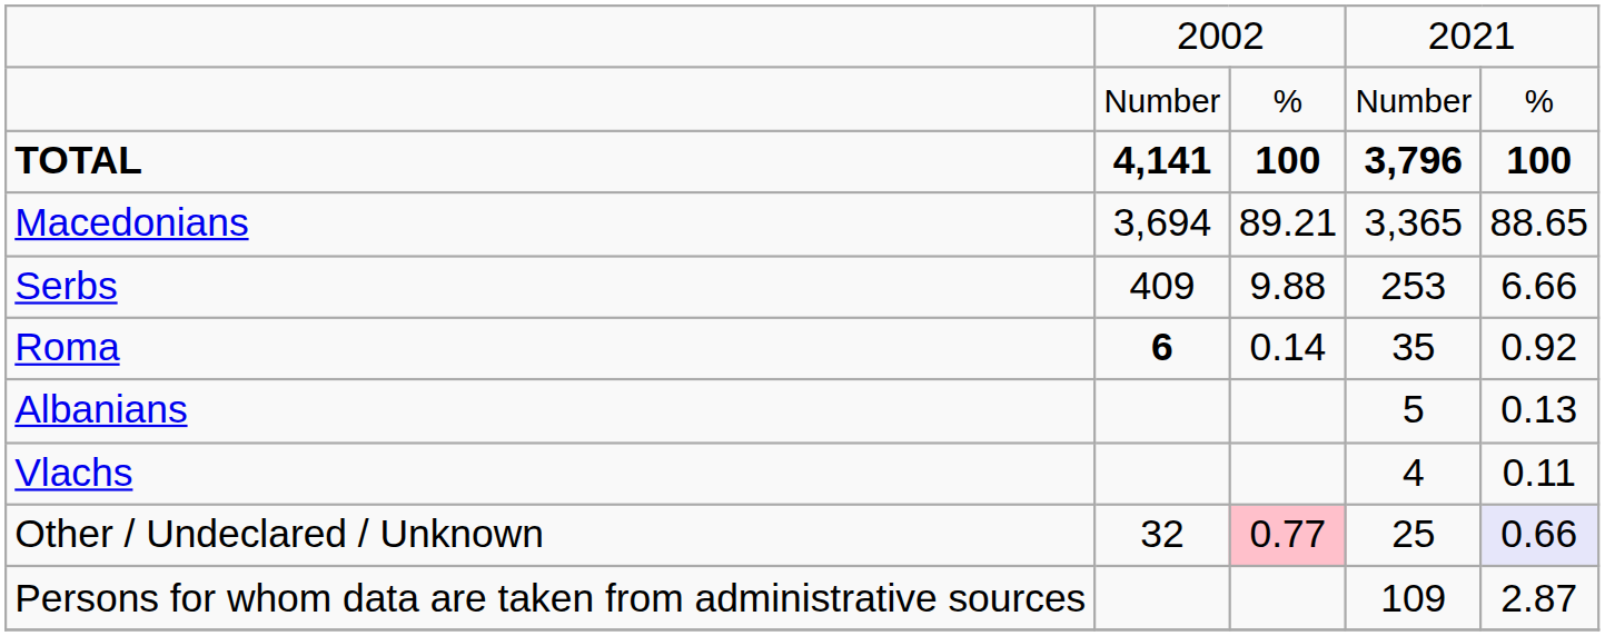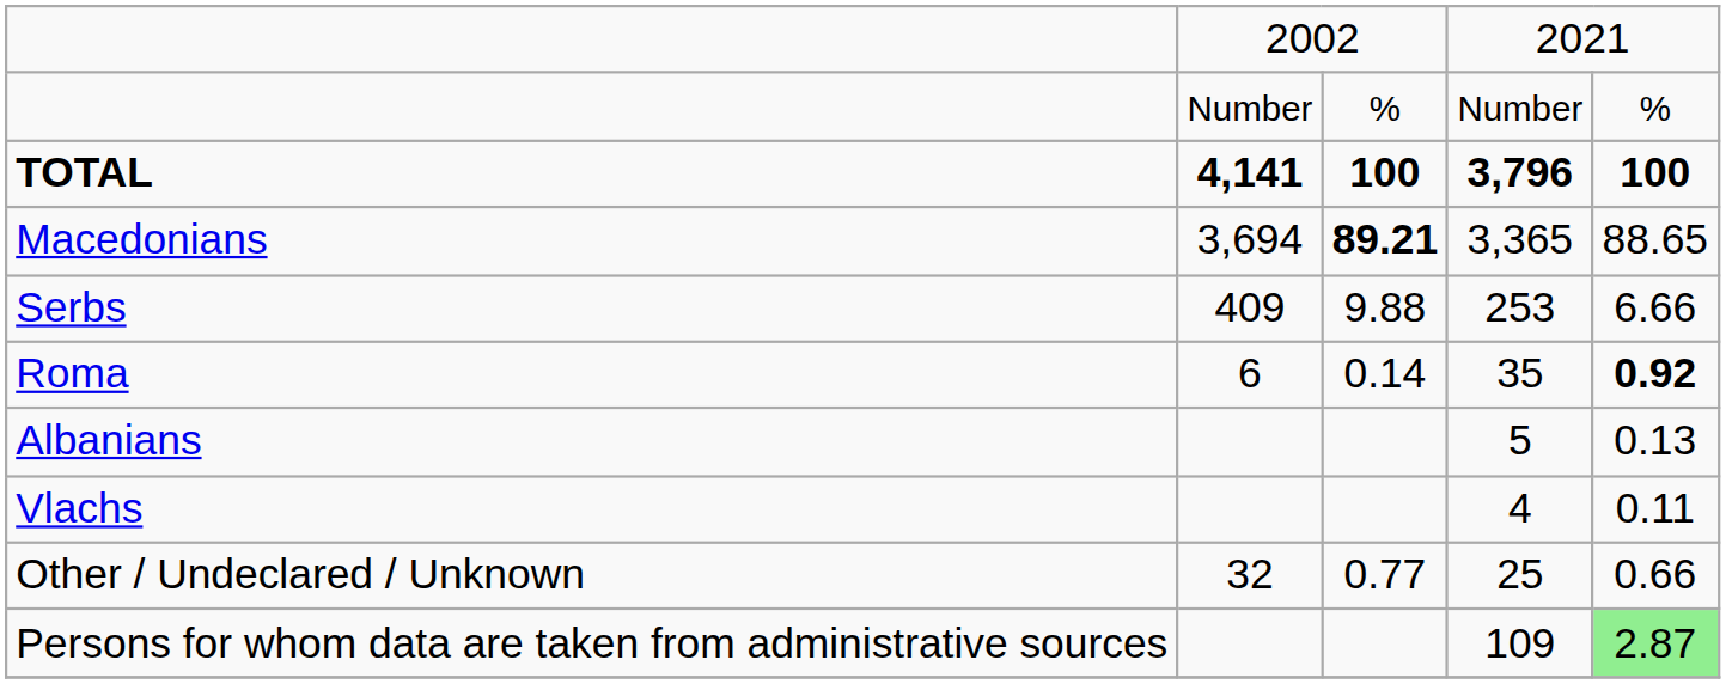 <table class="wikitable">
 <tr>
 <td></td>
 <td colspan="2" align="center">2002</td>
 <td colspan="2" align="center">2021</td>
 </tr>
 <tr>
 <td></td>
 <td align="center"><small>Number</small></td>
 <td align="center"><small>%</small></td>
 <td align="center"><small>Number</small></td>
 <td align="center"><small>%</small></td>
 </tr>
 <tr>
 <td><strong>TOTAL</strong></td>
 <td align="center"><strong>4,141</strong></td>
 <td align="center"><strong>100</strong></td>
 <td align="center"><strong>3,796</strong></td>
 <td align="center"><strong>100</strong></td>
 </tr>
 <tr>
 <td><a href='#'>Macedonians</a></td>
 <td align="center">3,694</td>
-<td align="center">89.21</td>
+<td align="center"><strong>89.21</strong></td>
 <td align="center">3,365</td>
 <td align="center">88.65</td>
 </tr>
 <tr>
 <td><a href='#'>Serbs</a></td>
 <td align="center">409</td>
 <td align="center">9.88</td>
 <td align="center">253</td>
 <td align="center">6.66</td>
 </tr>
 <tr>
 <td><a href='#'>Roma</a></td>
-<td align="center"><strong>6</strong></td>
+<td align="center">6</td>
 <td align="center">0.14</td>
 <td align="center">35</td>
-<td align="center">0.92</td>
+<td align="center"><strong>0.92</strong></td>
 </tr>
 <tr>
 <td><a href='#'>Albanians</a></td>
 <td align="center"></td>
 <td align="center"></td>
 <td align="center">5</td>
 <td align="center">0.13</td>
 </tr>
 <tr>
 <td><a href='#'>Vlachs</a></td>
 <td align="center"></td>
 <td align="center"></td>
 <td align="center">4</td>
 <td align="center">0.11</td>
 </tr>
 <tr>
 <td>Other / Undeclared / Unknown</td>
 <td align="center">32</td>
-<td align="center" style="background: pink;">0.77</td>
+<td align="center">0.77</td>
 <td align="center">25</td>
-<td align="center" style="background: lavender;">0.66</td>
+<td align="center">0.66</td>
 </tr>
 <tr>
 <td>Persons for whom data are taken from administrative sources</td>
 <td align="center"></td>
 <td align="center"></td>
 <td align="center">109</td>
-<td align="center">2.87</td>
+<td align="center" style="background: lightgreen;">2.87</td>
 </tr>
 <tr>
 </tr>
 </table>
